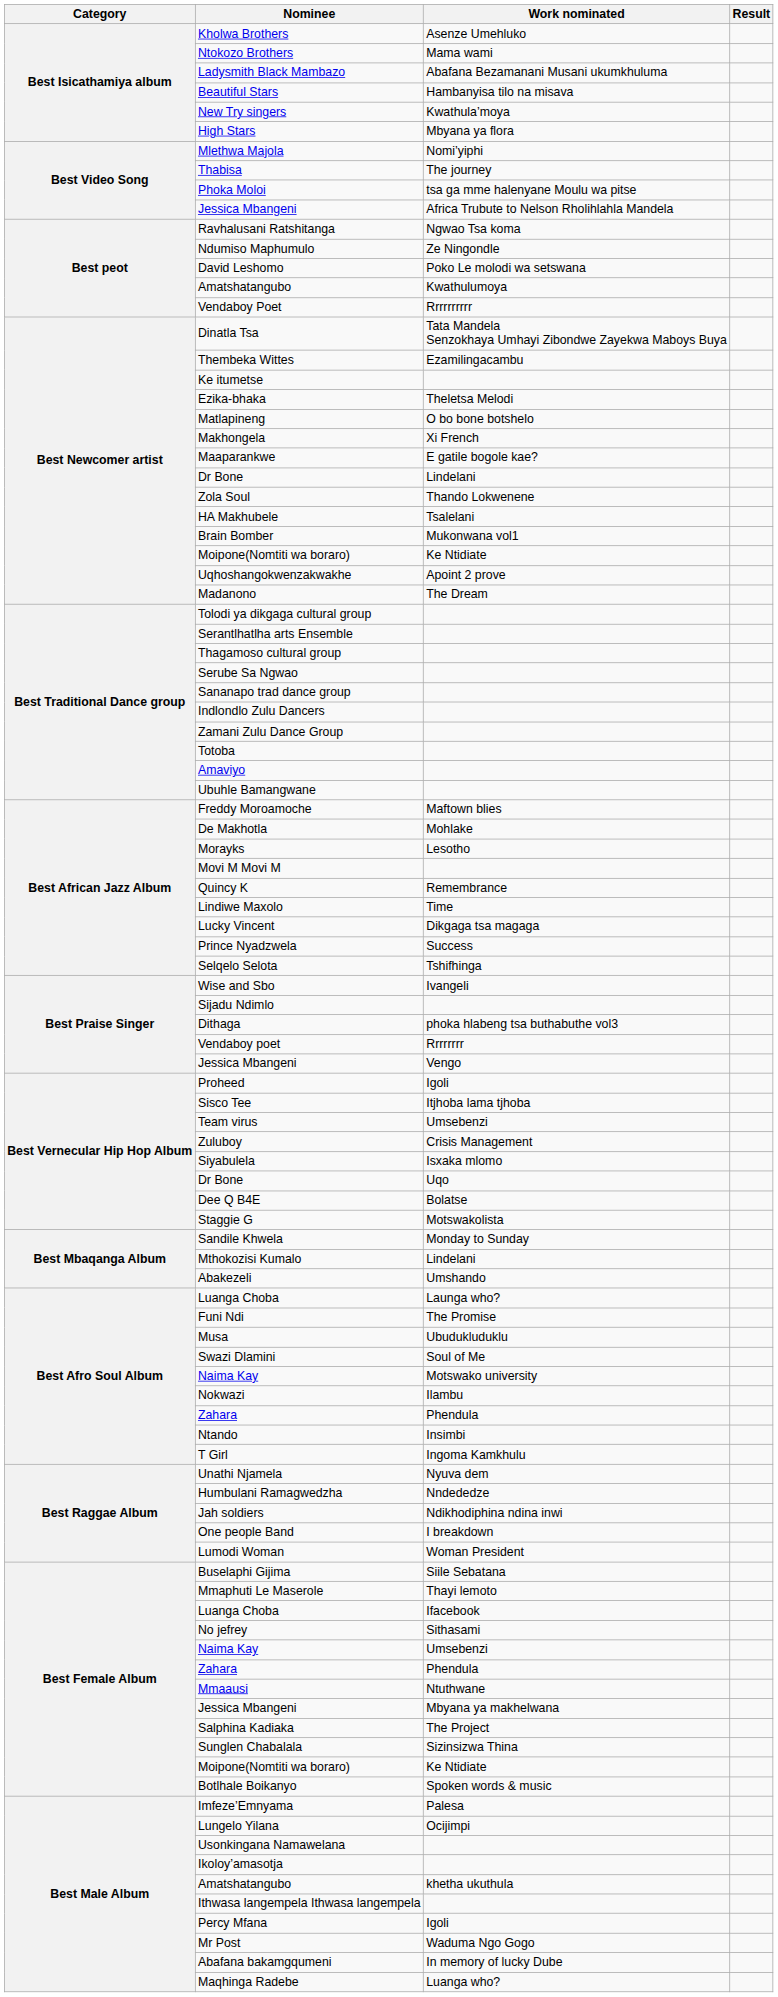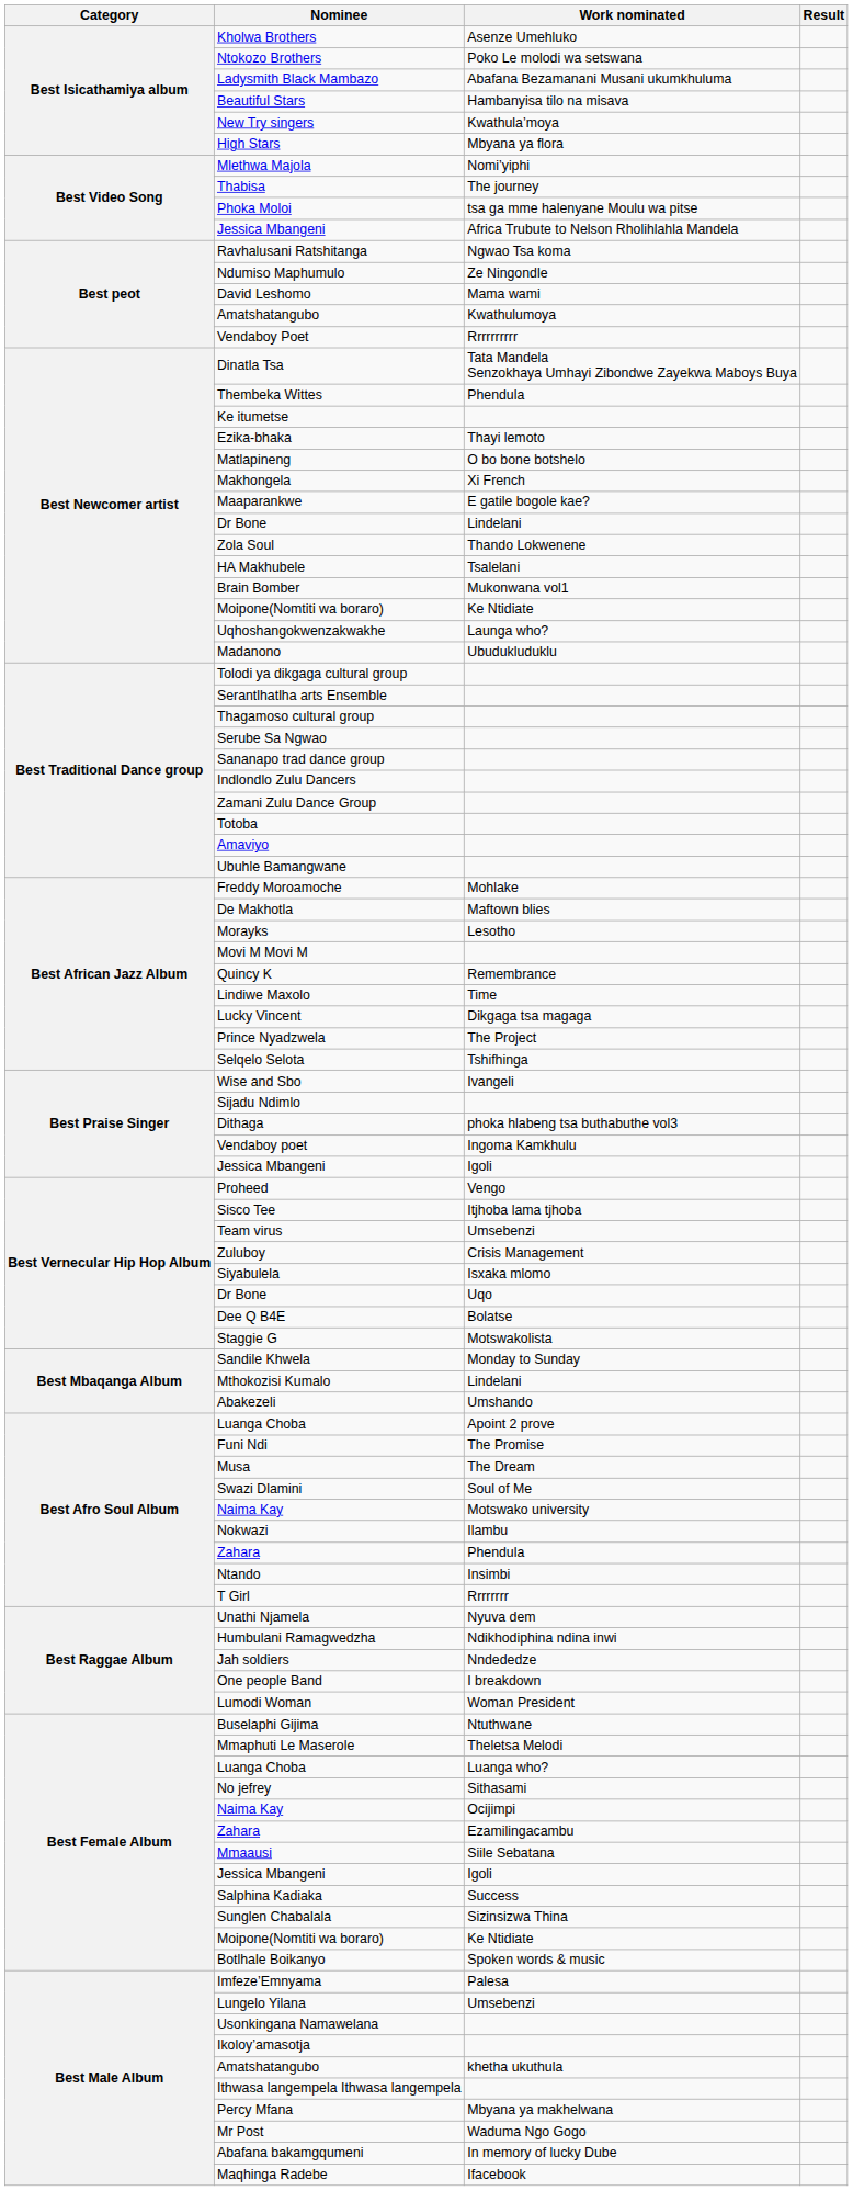 <table class="wikitable">
 <tr>
 <th>Category</th>
 <th>Nominee</th>
 <th>Work nominated</th>
 <th>Result</th>
 </tr>
 <tr>
 <th rowspan="6">Best Isicathamiya album</th>
 <td><a href='#'>Kholwa Brothers</a></td>
 <td>Asenze Umehluko</td>
 <td></td>
 </tr>
 <tr>
 <td><a href='#'>Ntokozo Brothers</a></td>
-<td>Mama wami</td>
+<td>Poko Le molodi wa setswana</td>
 <td></td>
 </tr>
 <tr>
 <td><a href='#'>Ladysmith Black Mambazo</a></td>
 <td>Abafana Bezamanani Musani ukumkhuluma</td>
 <td></td>
 </tr>
 <tr>
 <td><a href='#'>Beautiful Stars</a></td>
 <td>Hambanyisa tilo na misava</td>
 <td></td>
 </tr>
 <tr>
 <td><a href='#'>New Try singers</a></td>
 <td>Kwathula’moya</td>
 <td></td>
 </tr>
 <tr>
 <td><a href='#'>High Stars</a></td>
 <td>Mbyana ya flora</td>
 <td></td>
 </tr>
 <tr>
 <th rowspan="4">Best Video Song</th>
 <td><a href='#'>Mlethwa Majola</a></td>
 <td>Nomi’yiphi</td>
 <td></td>
 </tr>
 <tr>
 <td><a href='#'>Thabisa</a></td>
 <td>The journey</td>
 <td></td>
 </tr>
 <tr>
 <td><a href='#'>Phoka Moloi</a></td>
 <td>tsa ga mme halenyane Moulu wa pitse</td>
 <td></td>
 </tr>
 <tr>
 <td><a href='#'>Jessica Mbangeni</a></td>
 <td>Africa Trubute to Nelson Rholihlahla Mandela</td>
 <td></td>
 </tr>
 <tr>
 <th rowspan="5">Best peot</th>
 <td>Ravhalusani Ratshitanga</td>
 <td>Ngwao Tsa koma</td>
 <td></td>
 </tr>
 <tr>
 <td>Ndumiso Maphumulo</td>
 <td>Ze Ningondle</td>
 <td></td>
 </tr>
 <tr>
 <td>David Leshomo</td>
-<td>Poko Le molodi wa setswana</td>
+<td>Mama wami</td>
 <td></td>
 </tr>
 <tr>
 <td>Amatshatangubo</td>
 <td>Kwathulumoya</td>
 <td></td>
 </tr>
 <tr>
 <td>Vendaboy Poet</td>
 <td>Rrrrrrrrrr</td>
 <td></td>
 </tr>
 <tr>
 <th rowspan="14">Best Newcomer artist</th>
 <td>Dinatla Tsa</td>
 <td>Tata Mandela<br>Senzokhaya Umhayi Zibondwe Zayekwa Maboys Buya</td>
 <td></td>
 </tr>
 <tr>
 <td>Thembeka Wittes</td>
-<td>Ezamilingacambu</td>
+<td>Phendula</td>
 <td></td>
 </tr>
 <tr>
 <td Reliable Knowledge Theatre club>Ke itumetse</td>
 <td></td>
 <td></td>
 </tr>
 <tr>
 <td>Ezika-bhaka</td>
-<td>Theletsa Melodi</td>
+<td>Thayi lemoto</td>
 <td></td>
 </tr>
 <tr>
 <td>Matlapineng</td>
 <td>O bo bone botshelo</td>
 <td></td>
 </tr>
 <tr>
 <td>Makhongela</td>
 <td>Xi French</td>
 <td></td>
 </tr>
 <tr>
 <td>Maaparankwe</td>
 <td>E gatile bogole kae?</td>
 <td></td>
 </tr>
 <tr>
 <td>Dr Bone</td>
 <td>Lindelani</td>
 <td></td>
 </tr>
 <tr>
 <td>Zola Soul</td>
 <td>Thando Lokwenene</td>
 <td></td>
 </tr>
 <tr>
 <td>HA Makhubele</td>
 <td>Tsalelani</td>
 <td></td>
 </tr>
 <tr>
 <td>Brain Bomber</td>
 <td>Mukonwana vol1</td>
 <td></td>
 </tr>
 <tr>
 <td>Moipone(Nomtiti wa boraro)</td>
 <td>Ke Ntidiate</td>
 <td></td>
 </tr>
 <tr>
 <td>Uqhoshangokwenzakwakhe</td>
-<td>Apoint 2 prove</td>
+<td>Launga who?</td>
 <td></td>
 </tr>
 <tr>
 <td>Madanono</td>
-<td>The Dream</td>
+<td>Ubudukluduklu</td>
 <td></td>
 </tr>
 <tr>
 <th rowspan="10">Best Traditional Dance group</th>
 <td>Tolodi ya dikgaga cultural group</td>
 <td></td>
 <td></td>
 </tr>
 <tr>
 <td>Serantlhatlha arts Ensemble</td>
 <td></td>
 <td></td>
 </tr>
 <tr>
 <td>Thagamoso cultural group</td>
 <td></td>
 <td></td>
 </tr>
 <tr>
 <td>Serube Sa Ngwao</td>
 <td></td>
 <td></td>
 </tr>
 <tr>
 <td>Sananapo trad dance group</td>
 <td></td>
 <td></td>
 </tr>
 <tr>
 <td>Indlondlo Zulu Dancers</td>
 <td></td>
 <td></td>
 </tr>
 <tr>
 <td>Zamani Zulu Dance Group</td>
 <td></td>
 <td></td>
 </tr>
 <tr>
 <td>Totoba</td>
 <td></td>
 <td></td>
 </tr>
 <tr>
 <td><a href='#'>Amaviyo</a></td>
 <td></td>
 <td></td>
 </tr>
 <tr>
 <td>Ubuhle Bamangwane</td>
 <td></td>
 <td></td>
 </tr>
 <tr>
 <th rowspan="9">Best African Jazz Album</th>
 <td>Freddy Moroamoche</td>
-<td>Maftown blies</td>
+<td>Mohlake</td>
 <td></td>
 </tr>
 <tr>
 <td>De Makhotla</td>
-<td>Mohlake</td>
+<td>Maftown blies</td>
 <td></td>
 </tr>
 <tr>
 <td>Morayks</td>
 <td>Lesotho</td>
 <td></td>
 </tr>
 <tr>
 <td>Movi M Movi M</td>
 <td></td>
 <td></td>
 </tr>
 <tr>
 <td>Quincy K</td>
 <td>Remembrance</td>
 <td></td>
 </tr>
 <tr>
 <td>Lindiwe Maxolo</td>
 <td>Time</td>
 <td></td>
 </tr>
 <tr>
 <td>Lucky Vincent</td>
 <td>Dikgaga tsa magaga</td>
 <td></td>
 </tr>
 <tr>
 <td>Prince Nyadzwela</td>
-<td>Success</td>
+<td>The Project</td>
 <td></td>
 </tr>
 <tr>
 <td>Selqelo Selota</td>
 <td>Tshifhinga</td>
 <td></td>
 </tr>
 <tr>
 <th rowspan="5">Best Praise Singer</th>
 <td>Wise and Sbo</td>
 <td>Ivangeli</td>
 <td></td>
 </tr>
 <tr>
 <td>Sijadu Ndimlo</td>
 <td></td>
 <td></td>
 </tr>
 <tr>
 <td>Dithaga</td>
 <td>phoka hlabeng tsa buthabuthe vol3</td>
 <td></td>
 </tr>
 <tr>
 <td>Vendaboy poet</td>
-<td>Rrrrrrrr</td>
+<td>Ingoma Kamkhulu</td>
 <td></td>
 </tr>
 <tr>
 <td>Jessica Mbangeni</td>
-<td>Vengo</td>
+<td>Igoli</td>
 <td></td>
 </tr>
 <tr>
 <th rowspan="8">Best Vernecular Hip Hop Album</th>
 <td>Proheed</td>
-<td>Igoli</td>
+<td>Vengo</td>
 <td></td>
 </tr>
 <tr>
 <td>Sisco Tee</td>
 <td>Itjhoba lama tjhoba</td>
 <td></td>
 </tr>
 <tr>
 <td>Team virus</td>
 <td>Umsebenzi</td>
 <td></td>
 </tr>
 <tr>
 <td>Zuluboy</td>
 <td>Crisis Management</td>
 <td></td>
 </tr>
 <tr>
 <td>Siyabulela</td>
 <td>Isxaka mlomo</td>
 <td></td>
 </tr>
 <tr>
 <td>Dr Bone</td>
 <td>Uqo</td>
 <td></td>
 </tr>
 <tr>
 <td>Dee Q B4E</td>
 <td>Bolatse</td>
 <td></td>
 </tr>
 <tr>
 <td>Staggie G</td>
 <td>Motswakolista</td>
 <td></td>
 </tr>
 <tr>
 <th rowspan="3">Best Mbaqanga Album</th>
 <td>Sandile Khwela</td>
 <td>Monday to Sunday</td>
 <td></td>
 </tr>
 <tr>
 <td>Mthokozisi Kumalo</td>
 <td>Lindelani</td>
 <td></td>
 </tr>
 <tr>
 <td>Abakezeli</td>
 <td>Umshando</td>
 <td></td>
 </tr>
 <tr>
 <th rowspan="9">Best Afro Soul Album</th>
 <td>Luanga Choba</td>
-<td>Launga who?</td>
+<td>Apoint 2 prove</td>
 <td></td>
 </tr>
 <tr>
 <td>Funi Ndi</td>
 <td>The Promise</td>
 <td></td>
 </tr>
 <tr>
 <td>Musa</td>
-<td>Ubudukluduklu</td>
+<td>The Dream</td>
 <td></td>
 </tr>
 <tr>
 <td>Swazi Dlamini</td>
 <td>Soul of Me</td>
 <td></td>
 </tr>
 <tr>
 <td><a href='#'>Naima Kay</a></td>
 <td>Motswako university</td>
 <td></td>
 </tr>
 <tr>
 <td>Nokwazi</td>
 <td>Ilambu</td>
 <td></td>
 </tr>
 <tr>
 <td><a href='#'>Zahara</a></td>
 <td>Phendula</td>
 <td></td>
 </tr>
 <tr>
 <td>Ntando</td>
 <td>Insimbi</td>
 <td></td>
 </tr>
 <tr>
 <td>T Girl</td>
-<td>Ingoma Kamkhulu</td>
+<td>Rrrrrrrr</td>
 <td></td>
 </tr>
 <tr>
 <th rowspan="5">Best Raggae Album</th>
 <td>Unathi Njamela</td>
 <td>Nyuva dem</td>
 <td></td>
 </tr>
 <tr>
 <td>Humbulani Ramagwedzha</td>
-<td>Nndededze</td>
+<td>Ndikhodiphina ndina inwi</td>
 <td></td>
 </tr>
 <tr>
 <td>Jah soldiers</td>
-<td>Ndikhodiphina ndina inwi</td>
+<td>Nndededze</td>
 <td></td>
 </tr>
 <tr>
 <td>One people Band</td>
 <td>I breakdown</td>
 <td></td>
 </tr>
 <tr>
 <td>Lumodi Woman</td>
 <td>Woman President</td>
 <td></td>
 </tr>
 <tr>
 <th rowspan="12">Best Female Album</th>
 <td>Buselaphi Gijima</td>
-<td>Siile Sebatana</td>
+<td>Ntuthwane</td>
 <td></td>
 </tr>
 <tr>
 <td>Mmaphuti Le Maserole</td>
-<td>Thayi lemoto</td>
+<td>Theletsa Melodi</td>
 <td></td>
 </tr>
 <tr>
 <td>Luanga Choba</td>
-<td>Ifacebook</td>
+<td>Luanga who?</td>
 <td></td>
 </tr>
 <tr>
 <td>No jefrey</td>
 <td>Sithasami</td>
 <td></td>
 </tr>
 <tr>
 <td><a href='#'>Naima Kay</a></td>
-<td>Umsebenzi</td>
+<td>Ocijimpi</td>
 <td></td>
 </tr>
 <tr>
 <td><a href='#'>Zahara</a></td>
-<td>Phendula</td>
+<td>Ezamilingacambu</td>
 <td></td>
 </tr>
 <tr>
 <td><a href='#'>Mmaausi</a></td>
-<td>Ntuthwane</td>
+<td>Siile Sebatana</td>
 <td></td>
 </tr>
 <tr>
 <td>Jessica Mbangeni</td>
-<td>Mbyana ya makhelwana</td>
+<td>Igoli</td>
 <td></td>
 </tr>
 <tr>
 <td>Salphina Kadiaka</td>
-<td>The Project</td>
+<td>Success</td>
 <td></td>
 </tr>
 <tr>
 <td>Sunglen Chabalala</td>
 <td>Sizinsizwa Thina</td>
 <td></td>
 </tr>
 <tr>
 <td>Moipone(Nomtiti wa boraro)</td>
 <td>Ke Ntidiate</td>
 <td></td>
 </tr>
 <tr>
 <td>Botlhale Boikanyo</td>
 <td>Spoken words & music</td>
 <td></td>
 </tr>
 <tr>
 <th rowspan="10">Best Male Album</th>
 <td>Imfeze’Emnyama</td>
 <td>Palesa</td>
 <td></td>
 </tr>
 <tr>
 <td>Lungelo Yilana</td>
-<td>Ocijimpi</td>
+<td>Umsebenzi</td>
 <td></td>
 </tr>
 <tr>
 <td>Usonkingana Namawelana</td>
 <td></td>
 <td></td>
 </tr>
 <tr>
 <td>Ikoloy’amasotja</td>
 <td></td>
 <td></td>
 </tr>
 <tr>
 <td>Amatshatangubo</td>
 <td>khetha ukuthula</td>
 <td></td>
 </tr>
 <tr>
 <td>Ithwasa langempela Ithwasa langempela</td>
 <td></td>
 <td></td>
 </tr>
 <tr>
 <td>Percy Mfana</td>
-<td>Igoli</td>
+<td>Mbyana ya makhelwana</td>
 <td></td>
 </tr>
 <tr>
 <td>Mr Post</td>
 <td>Waduma Ngo Gogo</td>
 <td></td>
 </tr>
 <tr>
 <td>Abafana bakamgqumeni</td>
 <td>In memory of lucky Dube</td>
 <td></td>
 </tr>
 <tr>
 <td>Maqhinga Radebe</td>
-<td>Luanga who?</td>
+<td>Ifacebook</td>
 <td></td>
 </tr>
 </table>
